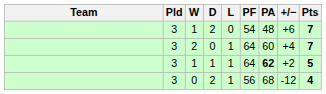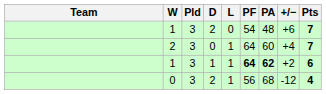 <table class="wikitable" style="text-align:center">
 <tr>
 <th width="230">Team</th>
+<th width="20">W</th>
 <th width="20">Pld</th>
-<th width="20">W</th>
 <th width="20">D</th>
 <th width="20">L</th>
 <th width="20">PF</th>
 <th width="20">PA</th>
 <th width="25">+/−</th>
 <th width="20">Pts</th>
 </tr>
 <tr style="background: #ccffcc;">
 <td style="text-align:left;"></td>
+<td>1</td>
 <td>3</td>
-<td>1</td>
 <td>2</td>
 <td>0</td>
 <td>54</td>
 <td>48</td>
 <td>+6</td>
 <td><strong>7</strong></td>
 </tr>
 <tr style="background: #ccffcc;">
 <td style="text-align:left;"></td>
+<td>2</td>
 <td>3</td>
-<td>2</td>
 <td>0</td>
 <td>1</td>
 <td>64</td>
 <td>60</td>
 <td>+4</td>
 <td><strong>7</strong></td>
 </tr>
 <tr style="background: #ccffcc;">
 <td style="text-align:left;"></td>
+<td>1</td>
 <td>3</td>
 <td>1</td>
 <td>1</td>
-<td>1</td>
-<td>64</td>
+<td><strong>64</strong></td>
 <td><strong>62</strong></td>
 <td>+2</td>
-<td><strong>5</strong></td>
+<td><strong>6</strong></td>
 </tr>
 <tr style="background: #ccffcc;">
 <td style="text-align:left;"></td>
+<td>0</td>
 <td>3</td>
-<td>0</td>
 <td>2</td>
 <td>1</td>
 <td>56</td>
 <td>68</td>
 <td>-12</td>
 <td><strong>4</strong></td>
 </tr>
 </table>
